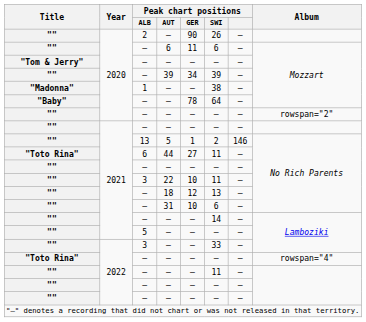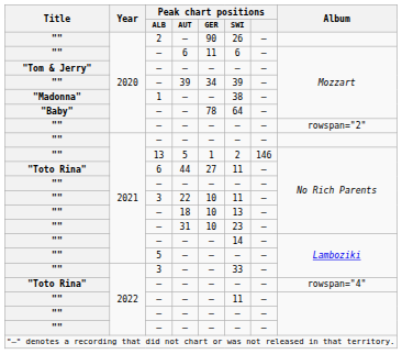 <table class="wikitable plainrowheaders" style="text-align:center;">
 <tr>
 <th scope="col" rowspan="2">Title</th>
 <th scope="col" rowspan="2">Year</th>
 <th scope="col" colspan="5">Peak chart positions</th>
 <th scope="col" rowspan="2">Album</th>
 </tr>
 <tr>
 <th style="width:3em; font-size:85%;">ALB<br></th>
 <th style="width:3em; font-size:85%;">AUT<br></th>
 <th style="width:3em; font-size:85%;">GER<br></th>
 <th style="width:3em; font-size:85%;">SWI<br></th>
 <th style="width:3em; font-size:85%;"><a href='#'></a><br></th>
 </tr>
 <tr>
 <th scope="row">""<br></th>
 <td rowspan="7">2020</td>
 <td>2</td>
 <td>—</td>
 <td>90</td>
 <td>26</td>
 <td>—</td>
 <td></td>
 </tr>
 <tr>
 <th scope="row">""</th>
 <td>—</td>
 <td>6</td>
 <td>11</td>
 <td>6</td>
 <td>—</td>
 <td rowspan="5"><em>Mozzart</em></td>
 </tr>
 <tr>
 <th scope="row">"Tom & Jerry"</th>
 <td>—</td>
 <td>—</td>
 <td>—</td>
 <td>—</td>
 <td>—</td>
 </tr>
 <tr>
 <th scope="row">""</th>
 <td>—</td>
 <td>39</td>
 <td>34</td>
 <td>39</td>
 <td>—</td>
 </tr>
 <tr>
 <th scope="row">"Madonna"</th>
 <td>1</td>
 <td>—</td>
 <td>—</td>
 <td>38</td>
 <td>—</td>
 </tr>
 <tr>
 <th scope="row">"Baby"</th>
 <td>—</td>
 <td>—</td>
 <td>78</td>
 <td>64</td>
 <td>—</td>
 </tr>
 <tr>
 <th scope="row">""<br></th>
 <td>—</td>
 <td>—</td>
 <td>—</td>
 <td>—</td>
 <td>—</td>
 <td>rowspan="2" </td>
 </tr>
 <tr>
 <th scope="row">""</th>
 <td rowspan="9">2021</td>
 <td>—</td>
 <td>—</td>
 <td>—</td>
 <td>—</td>
 <td>—</td>
 </tr>
 <tr>
 <th scope="row">""<br></th>
 <td>13</td>
 <td>5</td>
 <td>1</td>
 <td>2</td>
 <td>146</td>
 <td rowspan="6"><em>No Rich Parents</em></td>
 </tr>
 <tr>
 <th scope="row">"Toto Rina"<br></th>
 <td>6</td>
 <td>44</td>
 <td>27</td>
 <td>11</td>
 <td>—</td>
 </tr>
 <tr>
 <th scope="row">""</th>
 <td>—</td>
 <td>—</td>
 <td>—</td>
 <td>—</td>
 <td>—</td>
 </tr>
 <tr>
 <th scope="row">""<br></th>
 <td>3</td>
 <td>22</td>
 <td>10</td>
 <td>11</td>
 <td>—</td>
 </tr>
 <tr>
 <th scope="row">""<br></th>
 <td>—</td>
 <td>18</td>
-<td>12</td>
+<td>10</td>
 <td>13</td>
 <td>—</td>
 </tr>
 <tr>
 <th scope="row">""<br></th>
 <td>—</td>
 <td>31</td>
 <td>10</td>
-<td>6</td>
+<td>23</td>
 <td>—</td>
 </tr>
 <tr>
 <th scope="row">""<br></th>
 <td>—</td>
 <td>—</td>
 <td>—</td>
 <td>14</td>
 <td>—</td>
 <td rowspan="3"><em><a href='#'>Lamboziki</a></em></td>
 </tr>
 <tr>
 <th scope="row">""</th>
 <td>5</td>
 <td>—</td>
 <td>—</td>
 <td>—</td>
 <td>—</td>
 </tr>
 <tr>
 <th scope="row">""<br></th>
 <td rowspan="5">2022</td>
 <td>3</td>
 <td>—</td>
 <td>—</td>
 <td>33</td>
 <td>—</td>
 </tr>
 <tr>
 <th scope="row">"Toto Rina"<br></th>
 <td>—</td>
 <td>—</td>
 <td>—</td>
 <td>—</td>
 <td>—</td>
 <td>rowspan="4" </td>
 </tr>
 <tr>
 <th scope="row">""<br></th>
 <td>—</td>
 <td>—</td>
 <td>—</td>
 <td>11</td>
 <td>—</td>
 </tr>
 <tr>
 <th scope="row">""</th>
 <td>—</td>
 <td>—</td>
 <td>—</td>
 <td>—</td>
 <td>—</td>
 </tr>
 <tr>
 <th scope="row">""</th>
 <td>—</td>
 <td>—</td>
 <td>—</td>
 <td>—</td>
 <td>—</td>
 </tr>
 <tr>
 <td colspan="18" style="font-size:90%">"—" denotes a recording that did not chart or was not released in that territory.</td>
 </tr>
 </table>
